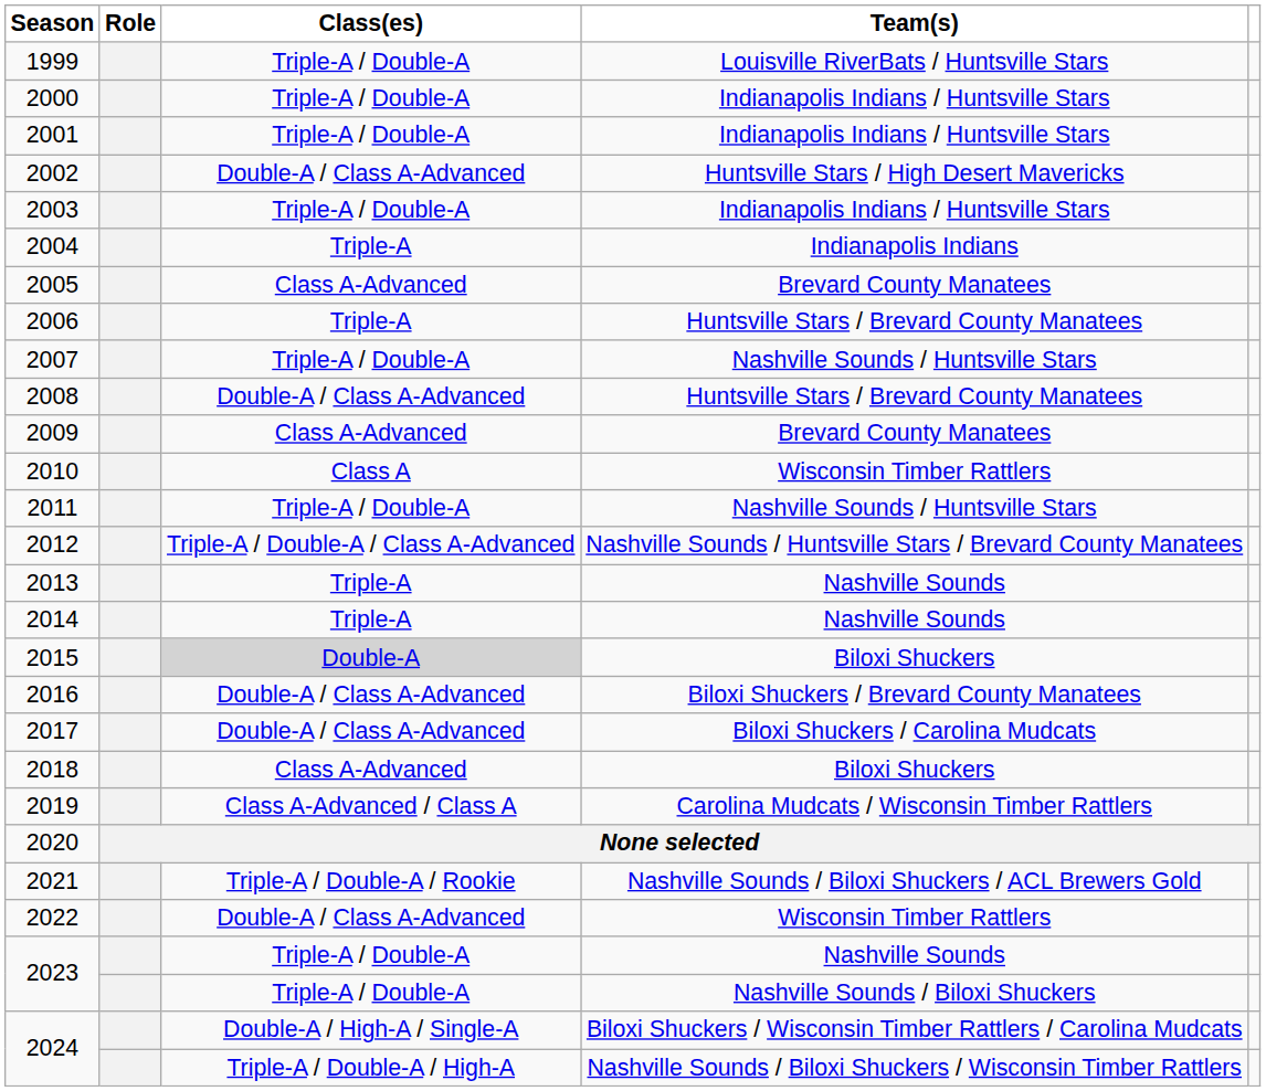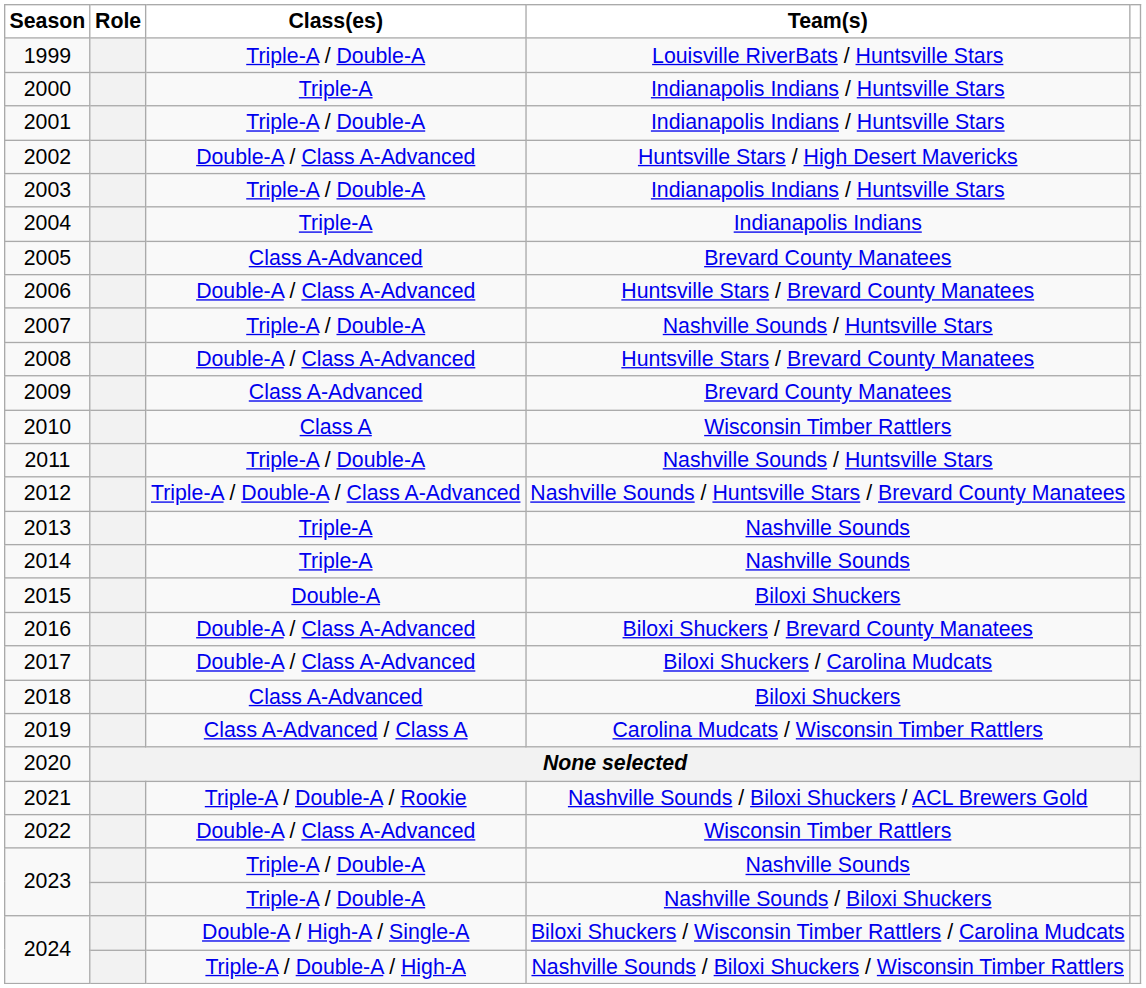 <table class="wikitable sortable plainrowheaders" style="text-align:center">
 <tr>
 <th scope="col" style="background-color:#ffffff; border-top:#">Season</th>
 <th scope="col" style="background-color:#ffffff; border-top:#">Role</th>
 <th scope="col" style="background-color:#ffffff; border-top:#">Class(es)</th>
 <th scope="col" style="background-color:#ffffff; border-top:#">Team(s)</th>
 <th scope="col" class="unsortable" style="background-color:#ffffff; border-top:#"></th>
 </tr>
 <tr>
 <td>1999</td>
 <th scope="row" style="text-align:center"></th>
 <td><a href='#'>Triple-A</a> / <a href='#'>Double-A</a></td>
 <td><a href='#'>Louisville RiverBats</a> / <a href='#'>Huntsville Stars</a></td>
 <td></td>
 </tr>
 <tr>
 <td>2000</td>
 <th scope="row" style="text-align:center"></th>
-<td><a href='#'>Triple-A</a> / <a href='#'>Double-A</a></td>
+<td><a href='#'>Triple-A</a></td>
 <td><a href='#'>Indianapolis Indians</a> / <a href='#'>Huntsville Stars</a></td>
 <td></td>
 </tr>
 <tr>
 <td>2001</td>
 <th scope="row" style="text-align:center"></th>
 <td><a href='#'>Triple-A</a> / <a href='#'>Double-A</a></td>
 <td><a href='#'>Indianapolis Indians</a> / <a href='#'>Huntsville Stars</a></td>
 <td></td>
 </tr>
 <tr>
 <td>2002</td>
 <th scope="row" style="text-align:center"> </th>
 <td><a href='#'>Double-A</a> / <a href='#'>Class A-Advanced</a></td>
 <td><a href='#'>Huntsville Stars</a> / <a href='#'>High Desert Mavericks</a></td>
 <td></td>
 </tr>
 <tr>
 <td>2003</td>
 <th scope="row" style="text-align:center"></th>
 <td><a href='#'>Triple-A</a> / <a href='#'>Double-A</a></td>
 <td><a href='#'>Indianapolis Indians</a> / <a href='#'>Huntsville Stars</a></td>
 <td></td>
 </tr>
 <tr>
 <td>2004</td>
 <th scope="row" style="text-align:center"> </th>
 <td><a href='#'>Triple-A</a></td>
 <td><a href='#'>Indianapolis Indians</a></td>
 <td></td>
 </tr>
 <tr>
 <td>2005</td>
 <th scope="row" style="text-align:center"></th>
 <td><a href='#'>Class A-Advanced</a></td>
 <td><a href='#'>Brevard County Manatees</a></td>
 <td></td>
 </tr>
 <tr>
 <td>2006</td>
 <th scope="row" style="text-align:center"></th>
-<td><a href='#'>Triple-A</a></td>
+<td><a href='#'>Double-A</a> / <a href='#'>Class A-Advanced</a></td>
 <td><a href='#'>Huntsville Stars</a> / <a href='#'>Brevard County Manatees</a></td>
 <td></td>
 </tr>
 <tr>
 <td>2007</td>
 <th scope="row" style="text-align:center"></th>
 <td><a href='#'>Triple-A</a> / <a href='#'>Double-A</a></td>
 <td><a href='#'>Nashville Sounds</a> / <a href='#'>Huntsville Stars</a></td>
 <td></td>
 </tr>
 <tr>
 <td>2008</td>
 <th scope="row" style="text-align:center"></th>
 <td><a href='#'>Double-A</a> / <a href='#'>Class A-Advanced</a></td>
 <td><a href='#'>Huntsville Stars</a> / <a href='#'>Brevard County Manatees</a></td>
 <td></td>
 </tr>
 <tr>
 <td>2009</td>
 <th scope="row" style="text-align:center"></th>
 <td><a href='#'>Class A-Advanced</a></td>
 <td><a href='#'>Brevard County Manatees</a></td>
 <td></td>
 </tr>
 <tr>
 <td>2010</td>
 <th scope="row" style="text-align:center"></th>
 <td><a href='#'>Class A</a></td>
 <td><a href='#'>Wisconsin Timber Rattlers</a></td>
 <td></td>
 </tr>
 <tr>
 <td>2011</td>
 <th scope="row" style="text-align:center"></th>
 <td><a href='#'>Triple-A</a> / <a href='#'>Double-A</a></td>
 <td><a href='#'>Nashville Sounds</a> / <a href='#'>Huntsville Stars</a></td>
 <td></td>
 </tr>
 <tr>
 <td>2012</td>
 <th scope="row" style="text-align:center"></th>
 <td><a href='#'>Triple-A</a> / <a href='#'>Double-A</a> / <a href='#'>Class A-Advanced</a></td>
 <td><a href='#'>Nashville Sounds</a> / <a href='#'>Huntsville Stars</a> / <a href='#'>Brevard County Manatees</a></td>
 <td></td>
 </tr>
 <tr>
 <td>2013</td>
 <th scope="row" style="text-align:center"></th>
 <td><a href='#'>Triple-A</a></td>
 <td><a href='#'>Nashville Sounds</a></td>
 <td></td>
 </tr>
 <tr>
 <td>2014</td>
 <th scope="row" style="text-align:center"></th>
 <td><a href='#'>Triple-A</a></td>
 <td><a href='#'>Nashville Sounds</a></td>
 <td></td>
 </tr>
 <tr>
 <td>2015</td>
 <th scope="row" style="text-align:center"></th>
-<td style="background: lightgrey;"><a href='#'>Double-A</a></td>
+<td><a href='#'>Double-A</a></td>
 <td><a href='#'>Biloxi Shuckers</a></td>
 <td></td>
 </tr>
 <tr>
 <td>2016</td>
 <th scope="row" style="text-align:center"></th>
 <td><a href='#'>Double-A</a> / <a href='#'>Class A-Advanced</a></td>
 <td><a href='#'>Biloxi Shuckers</a> / <a href='#'>Brevard County Manatees</a></td>
 <td></td>
 </tr>
 <tr>
 <td>2017</td>
 <th scope="row" style="text-align:center"></th>
 <td><a href='#'>Double-A</a> / <a href='#'>Class A-Advanced</a></td>
 <td><a href='#'>Biloxi Shuckers</a> / <a href='#'>Carolina Mudcats</a></td>
 <td></td>
 </tr>
 <tr>
 <td>2018</td>
 <th scope="row" style="text-align:center"></th>
 <td><a href='#'>Class A-Advanced</a></td>
 <td><a href='#'>Biloxi Shuckers</a></td>
 <td></td>
 </tr>
 <tr>
 <td>2019</td>
 <th scope="row" style="text-align:center"></th>
 <td><a href='#'>Class A-Advanced</a> / <a href='#'>Class A</a></td>
 <td><a href='#'>Carolina Mudcats</a> / <a href='#'>Wisconsin Timber Rattlers</a></td>
 <td></td>
 </tr>
 <tr>
 <td>2020</td>
 <th scope="row" style="text-align:center" colspan="4"><em>None selected</em></th>
 </tr>
 <tr>
 <td>2021</td>
 <th scope="row" style="text-align:center"></th>
 <td><a href='#'>Triple-A</a> / <a href='#'>Double-A</a> / <a href='#'>Rookie</a></td>
 <td><a href='#'>Nashville Sounds</a> / <a href='#'>Biloxi Shuckers</a> / <a href='#'>ACL Brewers Gold</a></td>
 <td></td>
 </tr>
 <tr>
 <td>2022</td>
 <th scope="row" style="text-align:center"> </th>
 <td><a href='#'>Double-A</a> / <a href='#'>Class A-Advanced</a></td>
 <td><a href='#'>Wisconsin Timber Rattlers</a></td>
 <td></td>
 </tr>
 <tr>
 <td rowspan="2">2023</td>
 <th scope="row" style="text-align:center"></th>
 <td><a href='#'>Triple-A</a> / <a href='#'>Double-A</a></td>
 <td><a href='#'>Nashville Sounds</a></td>
 <td></td>
 </tr>
 <tr>
 <th scope="row" style="text-align:center"> </th>
 <td><a href='#'>Triple-A</a> / <a href='#'>Double-A</a></td>
 <td><a href='#'>Nashville Sounds</a> / <a href='#'>Biloxi Shuckers</a></td>
 <td></td>
 </tr>
 <tr>
 <td rowspan="2">2024</td>
 <th scope="row" style="text-align:center"></th>
 <td><a href='#'>Double-A</a> / <a href='#'>High-A</a> / <a href='#'>Single-A</a></td>
 <td><a href='#'>Biloxi Shuckers</a> / <a href='#'>Wisconsin Timber Rattlers</a> / <a href='#'>Carolina Mudcats</a></td>
 <td></td>
 </tr>
 <tr>
 <th scope="row" style="text-align:center"></th>
 <td><a href='#'>Triple-A</a> / <a href='#'>Double-A</a> / <a href='#'>High-A</a></td>
 <td><a href='#'>Nashville Sounds</a> / <a href='#'>Biloxi Shuckers</a> / <a href='#'>Wisconsin Timber Rattlers</a></td>
 <td></td>
 </tr>
 </table>
